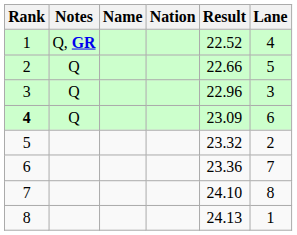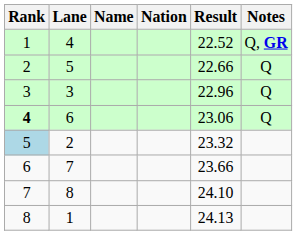 <table class="wikitable" style="text-align:center">
 <tr>
 <th>Rank</th>
-<th>Notes</th>
+<th>Lane</th>
 <th>Name</th>
 <th>Nation</th>
 <th>Result</th>
-<th>Lane</th>
+<th>Notes</th>
 </tr>
 <tr bgcolor="ccffcc">
 <td>1</td>
-<td>Q, <strong><a href='#'>GR</a></strong></td>
+<td>4</td>
 <td align="left"></td>
 <td align=left></td>
 <td>22.52</td>
-<td>4</td>
+<td>Q, <strong><a href='#'>GR</a></strong></td>
 </tr>
 <tr bgcolor="ccffcc">
 <td>2</td>
-<td>Q</td>
+<td>5</td>
 <td align="left"></td>
 <td align=left></td>
 <td>22.66</td>
-<td>5</td>
+<td>Q</td>
 </tr>
 <tr bgcolor="ccffcc">
 <td>3</td>
-<td>Q</td>
+<td>3</td>
 <td align="left"></td>
 <td align=left></td>
 <td>22.96</td>
-<td>3</td>
+<td>Q</td>
 </tr>
 <tr bgcolor="ccffcc">
 <td><strong>4</strong></td>
-<td>Q</td>
+<td>6</td>
 <td align="left"></td>
 <td align=left></td>
-<td>23.09</td>
-<td>6</td>
+<td>23.06</td>
+<td>Q</td>
 </tr>
 <tr>
-<td>5</td>
-<td></td>
+<td style="background: lightblue;">5</td>
+<td>2</td>
 <td align="left"></td>
 <td align=left></td>
 <td>23.32</td>
-<td>2</td>
+<td></td>
 </tr>
 <tr>
 <td>6</td>
-<td></td>
+<td>7</td>
 <td align="left"></td>
 <td align=left></td>
-<td>23.36</td>
-<td>7</td>
+<td>23.66</td>
+<td></td>
 </tr>
 <tr>
 <td>7</td>
-<td></td>
+<td>8</td>
 <td align="left"></td>
 <td align=left></td>
 <td>24.10</td>
-<td>8</td>
+<td></td>
 </tr>
 <tr>
 <td>8</td>
-<td></td>
+<td>1</td>
 <td align="left"></td>
 <td align=left></td>
 <td>24.13</td>
-<td>1</td>
+<td></td>
 </tr>
 </table>
